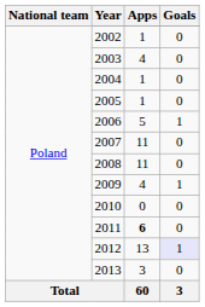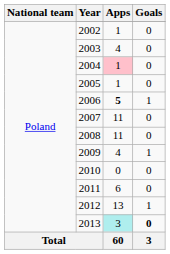 <table class="wikitable" style="text-align: center;">
 <tr>
 <th>National team</th>
 <th>Year</th>
 <th>Apps</th>
 <th>Goals</th>
 </tr>
 <tr>
 <td rowspan=13><a href='#'>Poland</a></td>
 </tr>
 <tr>
 <td>2002</td>
 <td>1</td>
 <td>0</td>
 </tr>
 <tr>
 <td>2003</td>
 <td>4</td>
 <td>0</td>
 </tr>
 <tr>
 <td>2004</td>
-<td>1</td>
+<td style="background: pink;">1</td>
 <td>0</td>
 </tr>
 <tr>
 <td>2005</td>
 <td>1</td>
 <td>0</td>
 </tr>
 <tr>
 <td>2006</td>
-<td>5</td>
+<td><strong>5</strong></td>
 <td>1</td>
 </tr>
 <tr>
 <td>2007</td>
 <td>11</td>
 <td>0</td>
 </tr>
 <tr>
 <td>2008</td>
 <td>11</td>
 <td>0</td>
 </tr>
 <tr>
 <td>2009</td>
 <td>4</td>
 <td>1</td>
 </tr>
 <tr>
 <td>2010</td>
 <td>0</td>
 <td>0</td>
 </tr>
 <tr>
 <td>2011</td>
-<td><strong>6</strong></td>
+<td>6</td>
 <td>0</td>
 </tr>
 <tr>
 <td>2012</td>
 <td>13</td>
-<td style="background: lavender;">1</td>
+<td>1</td>
 </tr>
 <tr>
 <td>2013</td>
-<td>3</td>
-<td>0</td>
+<td style="background: paleturquoise;">3</td>
+<td><strong>0</strong></td>
 </tr>
 <tr>
 <th colspan=2>Total</th>
 <th>60</th>
 <th>3</th>
 </tr>
 </table>
